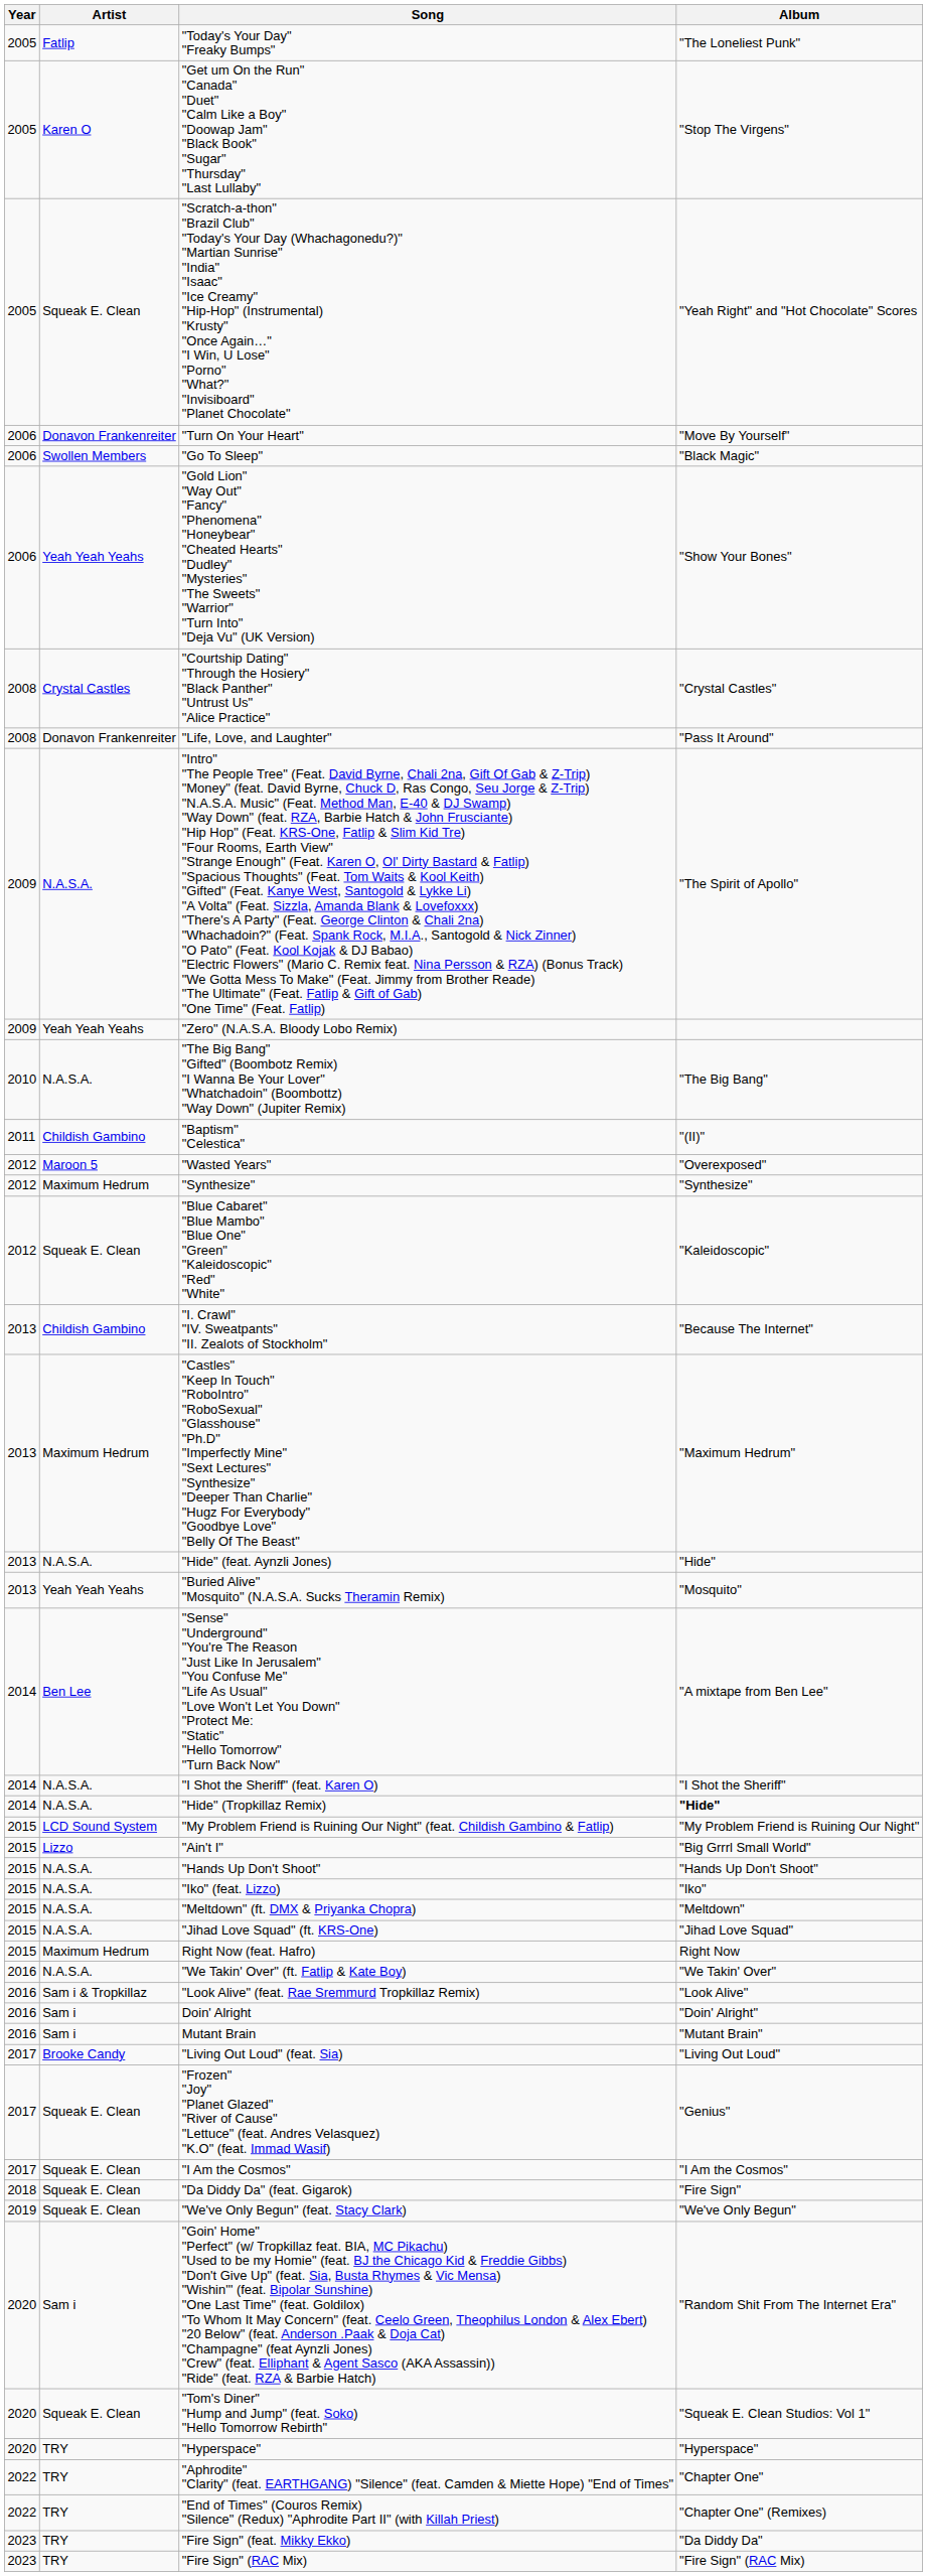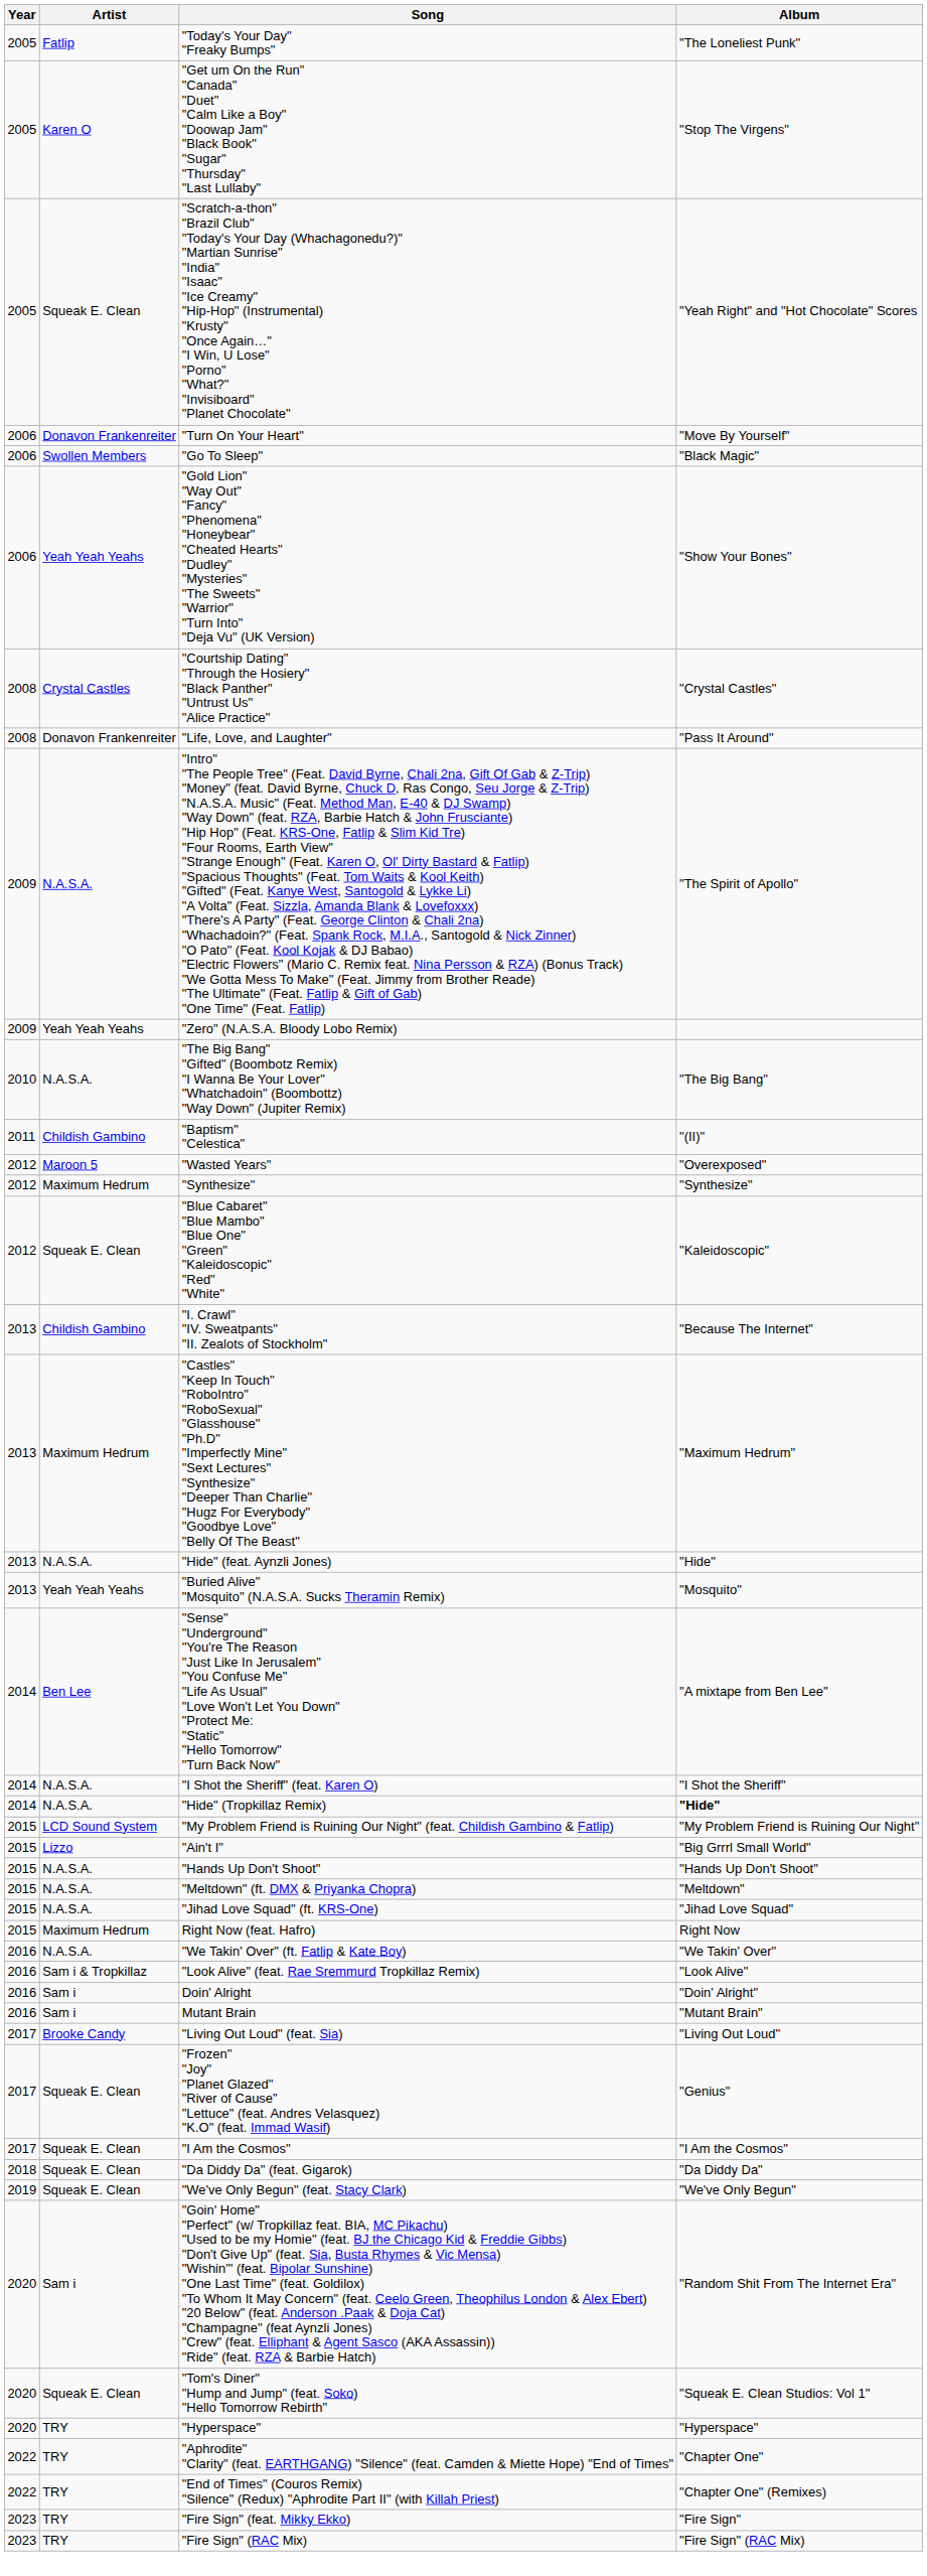 <table class="wikitable">
 <tr>
 <th>Year</th>
 <th>Artist</th>
 <th>Song</th>
 <th>Album</th>
 </tr>
 <tr>
 <td>2005</td>
 <td><a href='#'>Fatlip</a></td>
 <td>"Today's Your Day"<br>"Freaky Bumps"</td>
 <td>"The Loneliest Punk"</td>
 </tr>
 <tr>
 <td>2005</td>
 <td><a href='#'>Karen O</a></td>
 <td>"Get um On the Run"<br>"Canada"<br>"Duet"<br>"Calm Like a Boy"<br>"Doowap Jam"<br>"Black Book"<br>"Sugar"<br>"Thursday"<br>"Last Lullaby"</td>
 <td>"Stop The Virgens"</td>
 </tr>
 <tr>
 <td>2005</td>
 <td>Squeak E. Clean</td>
 <td>"Scratch-a-thon"<br>"Brazil Club"<br>"Today's Your Day (Whachagonedu?)"<br>"Martian Sunrise"<br>"India"<br>"Isaac"<br>"Ice Creamy"<br>"Hip-Hop" (Instrumental)<br>"Krusty"<br>"Once Again…"<br>"I Win, U Lose"<br>"Porno"<br>"What?"<br>"Invisiboard"<br>"Planet Chocolate"</td>
 <td>"Yeah Right" and "Hot Chocolate" Scores</td>
 </tr>
 <tr>
 <td>2006</td>
 <td><a href='#'>Donavon Frankenreiter</a></td>
 <td>"Turn On Your Heart"</td>
 <td>"Move By Yourself"</td>
 </tr>
 <tr>
 <td>2006</td>
 <td><a href='#'>Swollen Members</a></td>
 <td>"Go To Sleep"</td>
 <td>"Black Magic"</td>
 </tr>
 <tr>
 <td>2006</td>
 <td><a href='#'>Yeah Yeah Yeahs</a></td>
 <td>"Gold Lion"<br>"Way Out"<br>"Fancy"<br>"Phenomena"<br>"Honeybear"<br>"Cheated Hearts"<br>"Dudley"<br>"Mysteries"<br>"The Sweets"<br>"Warrior"<br>"Turn Into"<br>"Deja Vu" (UK Version)</td>
 <td>"Show Your Bones"</td>
 </tr>
 <tr>
 <td>2008</td>
 <td><a href='#'>Crystal Castles</a></td>
 <td>"Courtship Dating"<br>"Through the Hosiery"<br>"Black Panther"<br>"Untrust Us"<br>"Alice Practice"</td>
 <td>"Crystal Castles"</td>
 </tr>
 <tr>
 <td>2008</td>
 <td>Donavon Frankenreiter</td>
 <td>"Life, Love, and Laughter"</td>
 <td>"Pass It Around"</td>
 </tr>
 <tr>
 <td>2009</td>
 <td><a href='#'>N.A.S.A.</a></td>
 <td>"Intro"<br>"The People Tree" (Feat. <a href='#'>David Byrne</a>, <a href='#'>Chali 2na</a>, <a href='#'>Gift Of Gab</a> & <a href='#'>Z-Trip</a>)<br>"Money" (feat. David Byrne, <a href='#'>Chuck D</a>, Ras Congo, <a href='#'>Seu Jorge</a> & <a href='#'>Z-Trip</a>)<br>"N.A.S.A. Music" (Feat. <a href='#'>Method Man</a>, <a href='#'>E-40</a> & <a href='#'>DJ Swamp</a>)<br>"Way Down" (feat. <a href='#'>RZA</a>, Barbie Hatch & <a href='#'>John Frusciante</a>)<br>"Hip Hop" (Feat. <a href='#'>KRS-One</a>, <a href='#'>Fatlip</a> & <a href='#'>Slim Kid Tre</a>)<br>"Four Rooms, Earth View"<br>"Strange Enough" (Feat. <a href='#'>Karen O</a>, <a href='#'>Ol' Dirty Bastard</a> & <a href='#'>Fatlip</a>)<br>"Spacious Thoughts" (Feat. <a href='#'>Tom Waits</a> & <a href='#'>Kool Keith</a>)<br>"Gifted" (Feat. <a href='#'>Kanye West</a>, <a href='#'>Santogold</a> & <a href='#'>Lykke Li</a>)<br>"A Volta" (Feat. <a href='#'>Sizzla</a>, <a href='#'>Amanda Blank</a> & <a href='#'>Lovefoxxx</a>)<br>"There's A Party" (Feat. <a href='#'>George Clinton</a> & <a href='#'>Chali 2na</a>)<br>"Whachadoin?" (Feat. <a href='#'>Spank Rock</a>, <a href='#'>M.I.A</a>., Santogold & <a href='#'>Nick Zinner</a>)<br>"O Pato" (Feat. <a href='#'>Kool Kojak</a> & DJ Babao)<br>"Electric Flowers" (Mario C. Remix feat. <a href='#'>Nina Persson</a> & <a href='#'>RZA</a>) (Bonus Track)<br>"We Gotta Mess To Make" (Feat. Jimmy from Brother Reade)<br>"The Ultimate" (Feat. <a href='#'>Fatlip</a> & <a href='#'>Gift of Gab</a>)<br>"One Time" (Feat. <a href='#'>Fatlip</a>)</td>
 <td>"The Spirit of Apollo"</td>
 </tr>
 <tr>
 <td>2009</td>
 <td>Yeah Yeah Yeahs</td>
 <td>"Zero" (N.A.S.A. Bloody Lobo Remix)</td>
 <td></td>
 </tr>
 <tr>
 <td>2010</td>
 <td>N.A.S.A.</td>
 <td>"The Big Bang"<br>"Gifted" (Boombotz Remix)<br>"I Wanna Be Your Lover"<br>"Whatchadoin" (Boombottz)<br>"Way Down" (Jupiter Remix)</td>
 <td>"The Big Bang"</td>
 </tr>
 <tr>
 <td>2011</td>
 <td><a href='#'>Childish Gambino</a></td>
 <td>"Baptism"<br>"Celestica"</td>
 <td>"(II)"</td>
 </tr>
 <tr>
 <td>2012</td>
 <td><a href='#'>Maroon 5</a></td>
 <td>"Wasted Years"</td>
 <td>"Overexposed"</td>
 </tr>
 <tr>
 <td>2012</td>
 <td>Maximum Hedrum</td>
 <td>"Synthesize"</td>
 <td>"Synthesize"</td>
 </tr>
 <tr>
 <td>2012</td>
 <td>Squeak E. Clean</td>
 <td>"Blue Cabaret"<br>"Blue Mambo"<br>"Blue One"<br>"Green"<br>"Kaleidoscopic"<br>"Red"<br>"White"</td>
 <td>"Kaleidoscopic"</td>
 </tr>
 <tr>
 <td>2013</td>
 <td><a href='#'>Childish Gambino</a></td>
 <td>"I. Crawl"<br>"IV. Sweatpants"<br>"II. Zealots of Stockholm"</td>
 <td>"Because The Internet"</td>
 </tr>
 <tr>
 <td>2013</td>
 <td>Maximum Hedrum</td>
 <td>"Castles"<br>"Keep In Touch"<br>"RoboIntro"<br>"RoboSexual"<br>"Glasshouse"<br>"Ph.D"<br>"Imperfectly Mine"<br>"Sext Lectures"<br>"Synthesize"<br>"Deeper Than Charlie"<br>"Hugz For Everybody"<br>"Goodbye Love"<br>"Belly Of The Beast"</td>
 <td>"Maximum Hedrum"</td>
 </tr>
 <tr>
 <td>2013</td>
 <td>N.A.S.A.</td>
 <td>"Hide" (feat. Aynzli Jones)</td>
 <td>"Hide"</td>
 </tr>
 <tr>
 <td>2013</td>
 <td>Yeah Yeah Yeahs</td>
 <td>"Buried Alive"<br>"Mosquito" (N.A.S.A. Sucks <a href='#'>Theramin</a> Remix)</td>
 <td>"Mosquito"</td>
 </tr>
 <tr>
 <td>2014</td>
 <td><a href='#'>Ben Lee</a></td>
 <td>"Sense"<br>"Underground"<br>"You're The Reason<br>"Just Like In Jerusalem"<br>"You Confuse Me"<br>"Life As Usual"<br>"Love Won't Let You Down"<br>"Protect Me:<br>"Static"<br>"Hello Tomorrow"<br>"Turn Back Now"</td>
 <td>"A mixtape from Ben Lee"</td>
 </tr>
 <tr>
 <td>2014</td>
 <td>N.A.S.A.</td>
 <td>"I Shot the Sheriff" (feat. <a href='#'>Karen O</a>)</td>
 <td>"I Shot the Sheriff"</td>
 </tr>
 <tr>
 <td>2014</td>
 <td>N.A.S.A.</td>
 <td>"Hide" (Tropkillaz Remix)</td>
 <td><strong>"Hide"</strong></td>
 </tr>
 <tr>
 <td>2015</td>
 <td><a href='#'>LCD Sound System</a></td>
 <td>"My Problem Friend is Ruining Our Night" (feat. <a href='#'>Childish Gambino</a> & <a href='#'>Fatlip</a>)</td>
 <td>"My Problem Friend is Ruining Our Night"</td>
 </tr>
 <tr>
 <td>2015</td>
 <td><a href='#'>Lizzo</a></td>
 <td>"Ain't I"</td>
 <td>"Big Grrrl Small World"</td>
 </tr>
 <tr>
 <td>2015</td>
 <td>N.A.S.A.</td>
 <td>"Hands Up Don't Shoot"</td>
 <td>"Hands Up Don't Shoot"</td>
 </tr>
 <tr>
 <td>2015</td>
 <td>N.A.S.A.</td>
-<td>"Iko" (feat. <a href='#'>Lizzo</a>)</td>
-<td>"Iko"</td>
-</tr>
-<tr>
-<td>2015</td>
-<td>N.A.S.A.</td>
 <td>"Meltdown" (ft. <a href='#'>DMX</a> & <a href='#'>Priyanka Chopra</a>)</td>
 <td>"Meltdown"</td>
 </tr>
 <tr>
 <td>2015</td>
 <td>N.A.S.A.</td>
 <td>"Jihad Love Squad" (ft. <a href='#'>KRS-One</a>)</td>
 <td>"Jihad Love Squad"</td>
 </tr>
 <tr>
 <td>2015</td>
 <td>Maximum Hedrum</td>
 <td>Right Now (feat. Hafro)</td>
 <td>Right Now</td>
 </tr>
 <tr>
 <td>2016</td>
 <td>N.A.S.A.</td>
 <td>"We Takin' Over" (ft. <a href='#'>Fatlip</a> & <a href='#'>Kate Boy</a>)</td>
 <td>"We Takin' Over"</td>
 </tr>
 <tr>
 <td>2016</td>
 <td>Sam i & Tropkillaz</td>
 <td>"Look Alive" (feat. <a href='#'>Rae Sremmurd</a> Tropkillaz Remix)</td>
 <td>"Look Alive"</td>
 </tr>
 <tr>
 <td>2016</td>
 <td>Sam i</td>
 <td>Doin' Alright</td>
 <td>"Doin' Alright"</td>
 </tr>
 <tr>
 <td>2016</td>
 <td>Sam i</td>
 <td>Mutant Brain</td>
 <td>"Mutant Brain"</td>
 </tr>
 <tr>
 <td>2017</td>
 <td><a href='#'>Brooke Candy</a></td>
 <td>"Living Out Loud" (feat. <a href='#'>Sia</a>)</td>
 <td>"Living Out Loud"</td>
 </tr>
 <tr>
 <td>2017</td>
 <td>Squeak E. Clean</td>
 <td>"Frozen"<br>"Joy"<br>"Planet Glazed"<br>"River of Cause"<br>"Lettuce" (feat. Andres Velasquez)<br>"K.O" (feat. <a href='#'>Immad Wasif</a>)</td>
 <td>"Genius"</td>
 </tr>
 <tr>
 <td>2017</td>
 <td>Squeak E. Clean</td>
 <td>"I Am the Cosmos"</td>
 <td>"I Am the Cosmos"</td>
 </tr>
 <tr>
 <td>2018</td>
 <td>Squeak E. Clean</td>
 <td>"Da Diddy Da" (feat. Gigarok)</td>
-<td>"Fire Sign"</td>
+<td>"Da Diddy Da"</td>
 </tr>
 <tr>
 <td>2019</td>
 <td>Squeak E. Clean</td>
 <td>"We've Only Begun" (feat. <a href='#'>Stacy Clark</a>)</td>
 <td>"We've Only Begun"</td>
 </tr>
 <tr>
 <td>2020</td>
 <td>Sam i</td>
 <td>"Goin' Home"<br>"Perfect" (w/ Tropkillaz feat. BIA, <a href='#'>MC Pikachu</a>)<br>"Used to be my Homie" (feat. <a href='#'>BJ the Chicago Kid</a> & <a href='#'>Freddie Gibbs</a>)<br>"Don't Give Up" (feat. <a href='#'>Sia</a>, <a href='#'>Busta Rhymes</a> & <a href='#'>Vic Mensa</a>)<br>"Wishin'" (feat. <a href='#'>Bipolar Sunshine</a>)<br>"One Last Time" (feat. Goldilox)<br>"To Whom It May Concern" (feat. <a href='#'>Ceelo Green</a>, <a href='#'>Theophilus London</a> & <a href='#'>Alex Ebert</a>)<br>"20 Below" (feat. <a href='#'>Anderson .Paak</a> & <a href='#'>Doja Cat</a>)<br>"Champagne" (feat Aynzli Jones)<br>"Crew" (feat. <a href='#'>Elliphant</a> & <a href='#'>Agent Sasco</a> (AKA Assassin))<br>"Ride" (feat. <a href='#'>RZA</a> & Barbie Hatch)</td>
 <td>"Random Shit From The Internet Era"</td>
 </tr>
 <tr>
 <td>2020</td>
 <td>Squeak E. Clean</td>
 <td>"Tom's Diner"<br>"Hump and Jump" (feat. <a href='#'>Soko</a>)<br>"Hello Tomorrow Rebirth"</td>
 <td>"Squeak E. Clean Studios: Vol 1"</td>
 </tr>
 <tr>
 <td>2020</td>
 <td>TRY</td>
 <td>"Hyperspace"</td>
 <td>"Hyperspace"</td>
 </tr>
 <tr>
 <td>2022</td>
 <td>TRY</td>
 <td>"Aphrodite"<br>"Clarity" (feat. <a href='#'>EARTHGANG</a>) "Silence" (feat. Camden & Miette Hope) "End of Times"</td>
 <td>"Chapter One"</td>
 </tr>
 <tr>
 <td>2022</td>
 <td>TRY</td>
 <td>"End of Times" (Couros Remix)<br>"Silence" (Redux) "Aphrodite Part II" (with <a href='#'>Killah Priest</a>)</td>
 <td>"Chapter One" (Remixes)</td>
 </tr>
 <tr>
 <td>2023</td>
 <td>TRY</td>
 <td>"Fire Sign" (feat. <a href='#'>Mikky Ekko</a>)</td>
-<td>"Da Diddy Da"</td>
+<td>"Fire Sign"</td>
 </tr>
 <tr>
 <td>2023</td>
 <td>TRY</td>
 <td>"Fire Sign" (<a href='#'>RAC</a> Mix)</td>
 <td>"Fire Sign" (<a href='#'>RAC</a> Mix)</td>
 </tr>
 </table>
